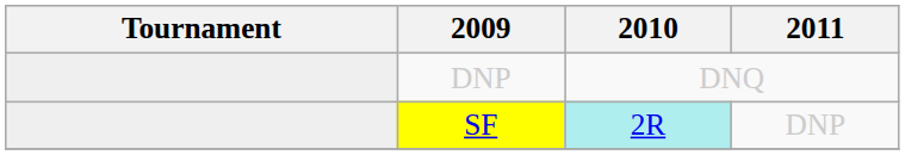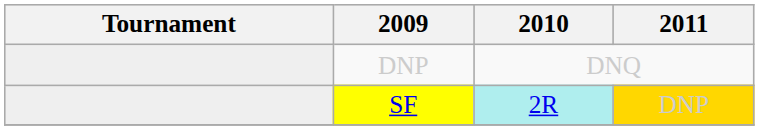 <table class="wikitable" style="width:30%; margin:0">
 <tr>
 <th>Tournament</th>
 <th>2009</th>
 <th>2010</th>
 <th>2011</th>
 </tr>
 <tr>
 <td style="background:#efefef;"></td>
 <td colspan="1" style="text-align:center; color:#ccc;">DNP</td>
 <td colspan="2" style="text-align:center; color:#ccc;">DNQ</td>
 </tr>
 <tr>
 <td style="background:#efefef;"></td>
 <td style="text-align:center; background:yellow;"><a href='#'>SF</a></td>
 <td style="text-align:center; background:#afeeee;"><a href='#'>2R</a></td>
-<td colspan="1" style="text-align:center; color:#ccc;">DNP</td>
+<td colspan="1" style="background: gold; text-align:center; color:#ccc;">DNP</td>
 </tr>
 <tr>
 </tr>
 </table>
